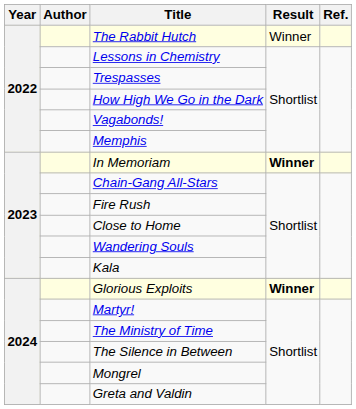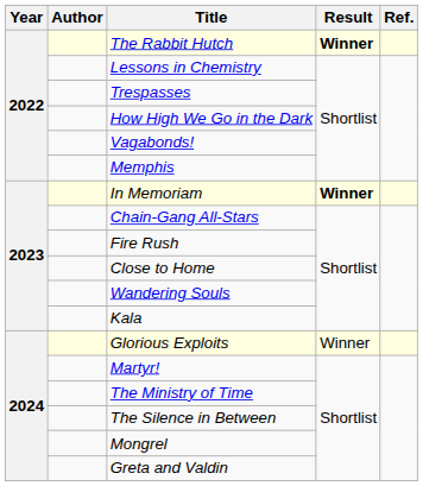 <table class="wikitable sortable">
 <tr>
 <th>Year</th>
 <th>Author</th>
 <th>Title</th>
 <th>Result</th>
 <th>Ref.</th>
 </tr>
 <tr style=background:lightyellow; color:black>
 <th rowspan="6">2022</th>
 <td></td>
 <td><em><a href='#'>The Rabbit Hutch</a></em></td>
-<td>Winner</td>
+<td><strong>Winner</strong></td>
 <td></td>
 </tr>
 <tr>
 <td></td>
 <td><em><a href='#'>Lessons in Chemistry</a></em></td>
 <td rowspan="5">Shortlist</td>
 <td rowspan="5"></td>
 </tr>
 <tr>
 <td></td>
 <td><em><a href='#'>Trespasses</a></em></td>
 </tr>
 <tr>
 <td></td>
 <td><em><a href='#'>How High We Go in the Dark</a></em></td>
 </tr>
 <tr>
 <td></td>
 <td><em><a href='#'>Vagabonds!</a></em></td>
 </tr>
 <tr>
 <td></td>
 <td><em><a href='#'>Memphis</a></em></td>
 </tr>
 <tr style="background:lightyellow;" color:black>
 <th rowspan="6">2023</th>
 <td></td>
 <td><em>In Memoriam</em></td>
 <td><strong>Winner</strong></td>
 <td></td>
 </tr>
 <tr>
 <td></td>
 <td><em><a href='#'>Chain-Gang All-Stars</a></em></td>
 <td rowspan="5">Shortlist</td>
 <td rowspan="5"></td>
 </tr>
 <tr>
 <td></td>
 <td><em>Fire Rush</em></td>
 </tr>
 <tr>
 <td></td>
 <td><em>Close to Home</em></td>
 </tr>
 <tr>
 <td></td>
 <td><em><a href='#'>Wandering Souls</a></em></td>
 </tr>
 <tr>
 <td></td>
 <td><em>Kala</em></td>
 </tr>
 <tr style=background:lightyellow; color:black>
 <th rowspan="6">2024</th>
 <td></td>
 <td><em>Glorious Exploits</em></td>
-<td><strong>Winner</strong></td>
+<td>Winner</td>
 <td></td>
 </tr>
 <tr>
 <td></td>
 <td><em><a href='#'>Martyr!</a></em></td>
 <td rowspan="5">Shortlist</td>
 <td rowspan="5"></td>
 </tr>
 <tr>
 <td></td>
 <td><em><a href='#'>The Ministry of Time</a></em></td>
 </tr>
 <tr>
 <td></td>
 <td><em>The Silence in Between</em></td>
 </tr>
 <tr>
 <td></td>
 <td><em>Mongrel</em></td>
 </tr>
 <tr>
 <td></td>
 <td><em>Greta and Valdin</em></td>
 </tr>
 </table>
